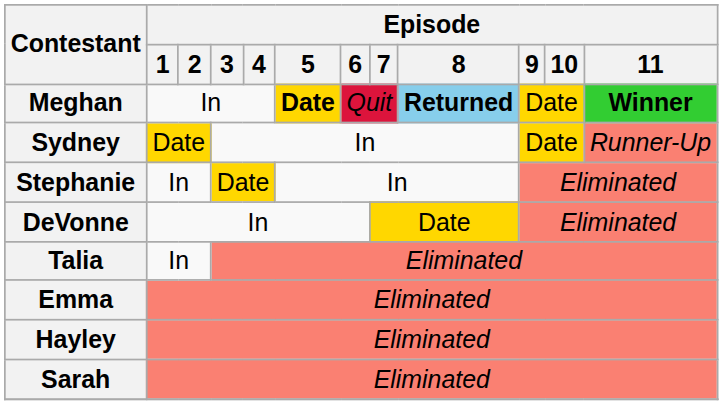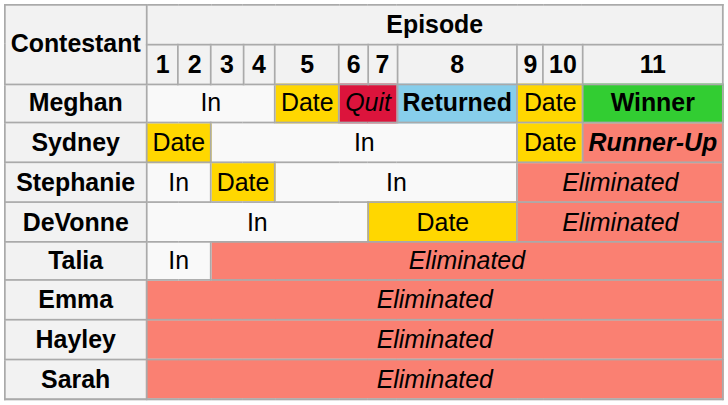 <table class="wikitable" style="text-align:center; font-size:90%;">
 <tr>
 <th rowspan="2">Contestant</th>
 <th colspan="11">Episode</th>
 </tr>
 <tr>
 <th>1</th>
 <th>2</th>
 <th>3</th>
 <th>4</th>
 <th>5</th>
 <th>6</th>
 <th>7</th>
 <th>8</th>
 <th>9</th>
 <th>10</th>
 <th>11</th>
 </tr>
 <tr>
 <th>Meghan</th>
 <td colspan="4">In</td>
-<td style="background:gold;"><strong>Date</strong></td>
+<td style="background:gold;">Date</td>
 <td style="background:crimson;" colspan="2"><span><em>Quit</em></span></td>
 <td bgcolor="skyblue"><strong>Returned</strong></td>
 <td colspan="2" style="background:gold;">Date</td>
 <td bgcolor="limegreen"><strong>Winner</strong></td>
 </tr>
 <tr>
 <th>Sydney</th>
 <td colspan="2" style="background:gold;">Date</td>
 <td colspan="6">In</td>
 <td colspan="2" style="background:gold;">Date</td>
-<td bgcolor="salmon"><em>Runner-Up</em></td>
+<td bgcolor="salmon"><strong><em>Runner-Up</em></strong></td>
 </tr>
 <tr>
 <th>Stephanie</th>
 <td colspan="2">In</td>
 <td colspan="2" style="background:gold;">Date</td>
 <td colspan="4">In</td>
 <td style="background:salmon;" colspan="3"><em>Eliminated</em></td>
 </tr>
 <tr>
 <th>DeVonne</th>
 <td colspan="6">In</td>
 <td colspan="2" style="background:gold;">Date</td>
 <td style="background:salmon;" colspan="3"><em>Eliminated</em></td>
 </tr>
 <tr>
 <th>Talia</th>
 <td colspan="2">In</td>
 <td style="background:salmon;" colspan="9"><em>Eliminated</em></td>
 </tr>
 <tr>
 <th>Emma</th>
 <td style="background:salmon;" colspan="11"><em>Eliminated</em></td>
 </tr>
 <tr>
 <th>Hayley</th>
 <td style="background:salmon;" colspan="11"><em>Eliminated</em></td>
 </tr>
 <tr>
 <th>Sarah</th>
 <td style="background:salmon;" colspan="11"><em>Eliminated</em></td>
 </tr>
 <tr>
 </tr>
 </table>
